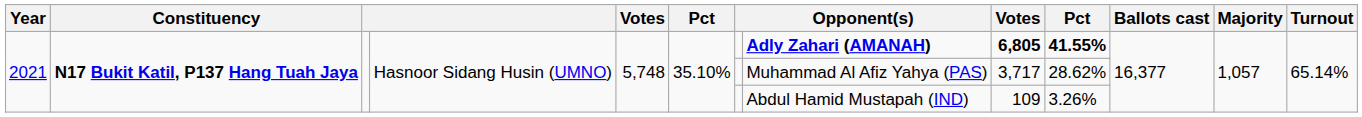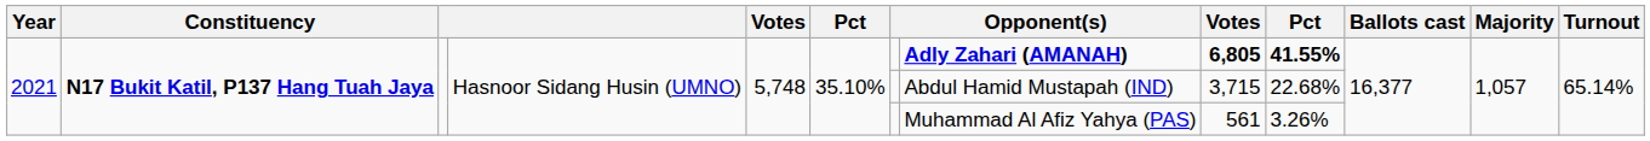 <table class="wikitable" style="margin:0.5em ; font-size:95%">
 <tr>
 <th>Year</th>
 <th>Constituency</th>
 <th colspan=2></th>
 <th>Votes</th>
 <th>Pct</th>
 <th colspan=2>Opponent(s)</th>
 <th>Votes</th>
 <th>Pct</th>
 <th>Ballots cast</th>
 <th>Majority</th>
 <th>Turnout</th>
 </tr>
 <tr>
 <td rowspan=3><a href='#'>2021</a></td>
 <td rowspan=3><strong>N17 <a href='#'>Bukit Katil</a>, P137 <a href='#'>Hang Tuah Jaya</a></strong></td>
 <td rowspan=3 ></td>
 <td rowspan=3>Hasnoor Sidang Husin (<a href='#'>UMNO</a>)</td>
 <td rowspan=3 align="right">5,748</td>
 <td rowspan=3>35.10%</td>
 <td></td>
 <td><strong><a href='#'>Adly Zahari</a> (<a href='#'>AMANAH</a>)</strong></td>
 <td align="right"><strong>6,805</strong></td>
 <td><strong>41.55%</strong></td>
 <td rowspan=3>16,377</td>
 <td rowspan=3>1,057</td>
 <td rowspan=3>65.14%</td>
 </tr>
 <tr>
 <td></td>
-<td>Muhammad Al Afiz Yahya (<a href='#'>PAS</a>)</td>
-<td align="right">3,717</td>
-<td>28.62%</td>
+<td>Abdul Hamid Mustapah (<a href='#'>IND</a>)</td>
+<td align="right">3,715</td>
+<td>22.68%</td>
 </tr>
 <tr>
 <td></td>
-<td>Abdul Hamid Mustapah (<a href='#'>IND</a>)</td>
-<td align="right">109</td>
+<td>Muhammad Al Afiz Yahya (<a href='#'>PAS</a>)</td>
+<td align="right">561</td>
 <td>3.26%</td>
 </tr>
 </table>
